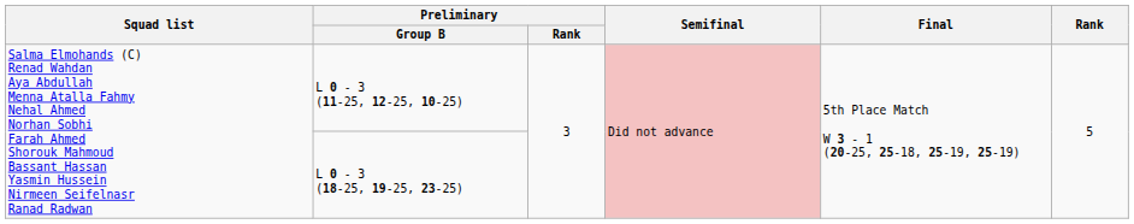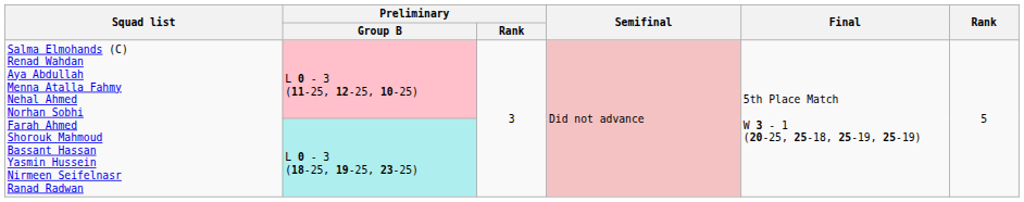 <table class="wikitable" width="71%" style="text-align:left; font-size:90%">
 <tr>
 <th rowspan="2" width="20%">Squad list</th>
 <th colspan="2">Preliminary</th>
 <th rowspan="2" width="14%">Semifinal</th>
 <th rowspan="2" width="15%">Final</th>
 <th rowspan="2" width="5%">Rank</th>
 </tr>
 <tr>
 <th width="14%">Group B</th>
 <th width="5%">Rank</th>
 </tr>
 <tr>
 <td rowspan="2"><a href='#'>Salma Elmohands</a> (C)<br><a href='#'>Renad Wahdan</a><br><a href='#'>Aya Abdullah</a><br><a href='#'>Menna Atalla Fahmy</a><br><a href='#'>Nehal Ahmed</a><br><a href='#'>Norhan Sobhi</a><br><a href='#'>Farah Ahmed</a><br><a href='#'>Shorouk Mahmoud</a><br><a href='#'>Bassant Hassan</a><br><a href='#'>Yasmin Hussein</a><br><a href='#'>Nirmeen Seifelnasr</a><br><a href='#'>Ranad Radwan</a></td>
-<td> <br> L <strong>0</strong> - 3<br>(<strong>11</strong>-25, <strong>12</strong>-25, <strong>10</strong>-25)</td>
+<td style="background: pink;"> <br> L <strong>0</strong> - 3<br>(<strong>11</strong>-25, <strong>12</strong>-25, <strong>10</strong>-25)</td>
 <td rowspan="2" align=center>3</td>
 <td bgcolor="f4c2c2" rowspan="2">Did not advance</td>
 <td rowspan="2">5th Place Match <br>  <br> W <strong>3</strong> - 1<br>(<strong>20</strong>-25, <strong>25</strong>-18, <strong>25</strong>-19, <strong>25</strong>-19)</td>
 <td rowspan="2" align=center>5</td>
 </tr>
 <tr>
-<td> <br> L <strong>0</strong> - 3<br>(<strong>18</strong>-25, <strong>19</strong>-25, <strong>23</strong>-25)</td>
+<td style="background: paleturquoise;"> <br> L <strong>0</strong> - 3<br>(<strong>18</strong>-25, <strong>19</strong>-25, <strong>23</strong>-25)</td>
 </tr>
 </table>
